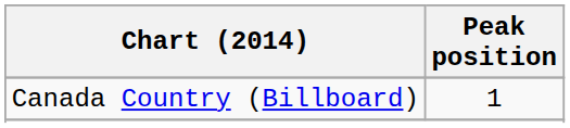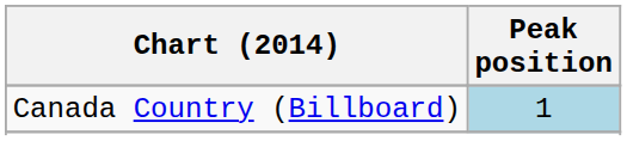 <table class="wikitable sortable">
 <tr>
 <th>Chart (2014)</th>
 <th>Peak<br>position</th>
 </tr>
 <tr>
 </tr>
 <tr>
 <td>Canada <a href='#'>Country</a> (<a href='#'>Billboard</a>)</td>
-<td align="center">1</td>
+<td align="center" style="background: lightblue;">1</td>
 </tr>
 <tr>
 </tr>
 <tr>
 </tr>
 <tr>
 </tr>
 <tr>
 </tr>
 <tr>
 </tr>
 </table>
